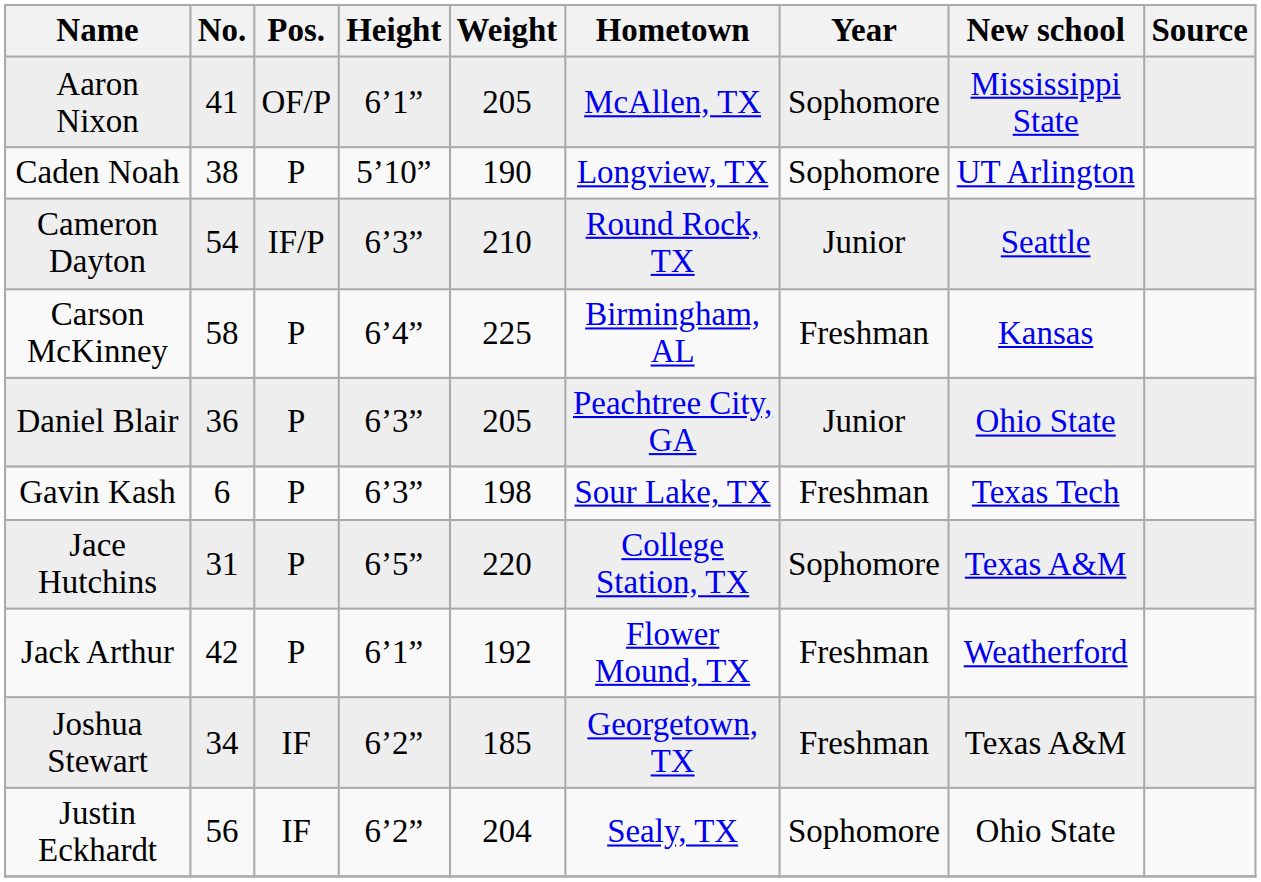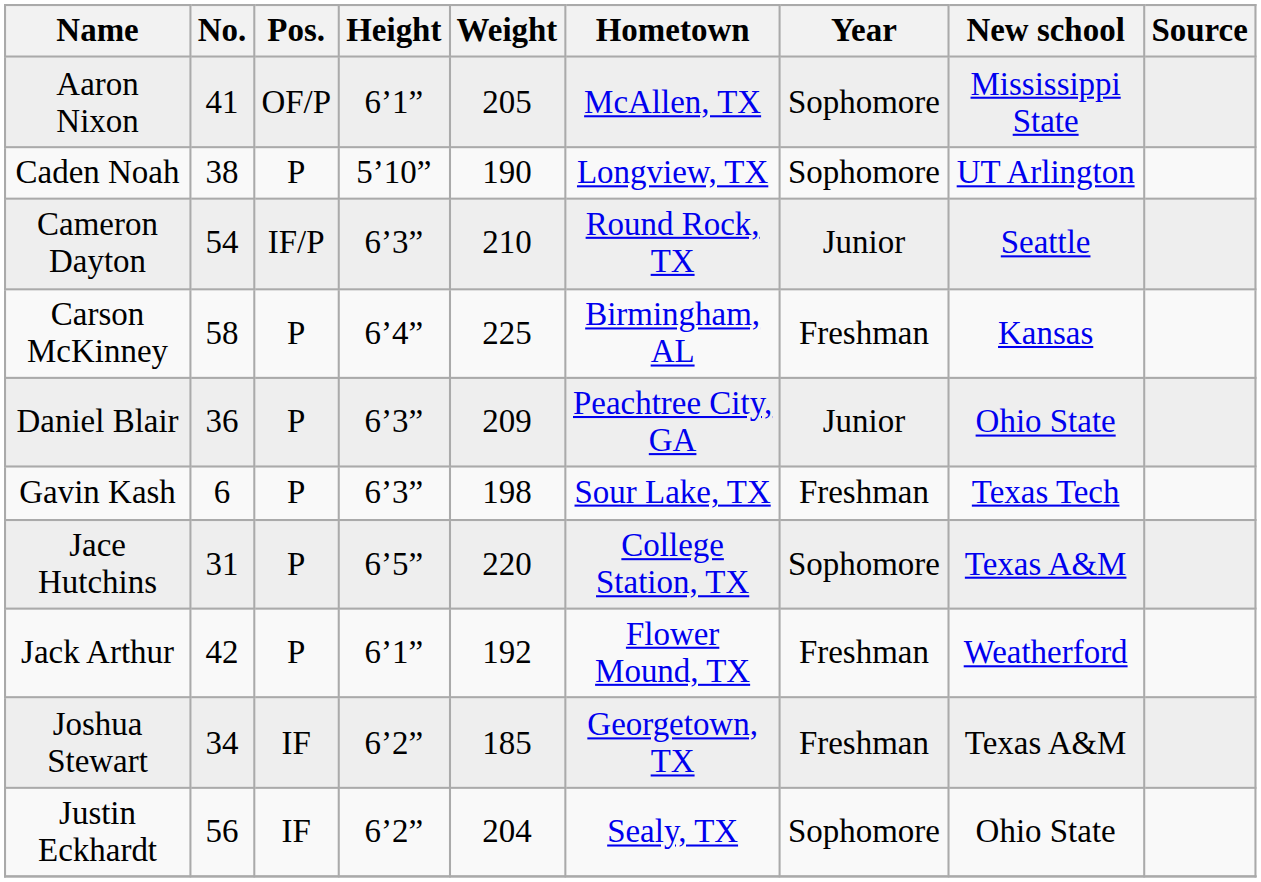 <table class="wikitable sortable">
 <tr>
 <th style="text-align:center; ">Name</th>
 <th style="text-align:center; ">No.</th>
 <th style="text-align:center; ">Pos.</th>
 <th style="text-align:center; ">Height</th>
 <th style="text-align:center; ">Weight</th>
 <th style="text-align:center; ">Hometown</th>
 <th style="text-align:center; ">Year</th>
 <th style="text-align:center; ">New school</th>
 <th style="text-align:center; ">Source</th>
 </tr>
 <tr align="center" style="background:#eeeeee;">
 <td>Aaron Nixon</td>
 <td>41</td>
 <td>OF/P</td>
 <td>6’1”</td>
 <td>205</td>
 <td><a href='#'>McAllen, TX</a></td>
 <td>Sophomore</td>
 <td><a href='#'>Mississippi State</a></td>
 <td></td>
 </tr>
 <tr align="center">
 <td>Caden Noah</td>
 <td>38</td>
 <td>P</td>
 <td>5’10”</td>
 <td>190</td>
 <td><a href='#'>Longview, TX</a></td>
 <td>Sophomore</td>
 <td><a href='#'>UT Arlington</a></td>
 <td></td>
 </tr>
 <tr align="center"style="background:#eeeeee;">
 <td>Cameron Dayton</td>
 <td>54</td>
 <td>IF/P</td>
 <td>6’3”</td>
 <td>210</td>
 <td><a href='#'>Round Rock, TX</a></td>
 <td>Junior</td>
 <td><a href='#'>Seattle</a></td>
 <td></td>
 </tr>
 <tr align="center">
 <td>Carson McKinney</td>
 <td>58</td>
 <td>P</td>
 <td>6’4”</td>
 <td>225</td>
 <td><a href='#'>Birmingham, AL</a></td>
 <td>Freshman</td>
 <td><a href='#'>Kansas</a></td>
 <td></td>
 </tr>
 <tr align="center"style="background:#eeeeee;">
 <td>Daniel Blair</td>
 <td>36</td>
 <td>P</td>
 <td>6’3”</td>
-<td>205</td>
+<td>209</td>
 <td><a href='#'>Peachtree City, GA</a></td>
 <td> Junior</td>
 <td><a href='#'>Ohio State</a></td>
 <td></td>
 </tr>
 <tr align="center">
 <td>Gavin Kash</td>
 <td>6</td>
 <td>P</td>
 <td>6’3”</td>
 <td>198</td>
 <td><a href='#'>Sour Lake, TX</a></td>
 <td>Freshman</td>
 <td><a href='#'>Texas Tech</a></td>
 <td></td>
 </tr>
 <tr align="center"style="background:#eeeeee;">
 <td>Jace Hutchins</td>
 <td>31</td>
 <td>P</td>
 <td>6’5”</td>
 <td>220</td>
 <td><a href='#'>College Station, TX</a></td>
 <td> Sophomore</td>
 <td><a href='#'>Texas A&M</a></td>
 <td></td>
 </tr>
 <tr align="center">
 <td>Jack Arthur</td>
 <td>42</td>
 <td>P</td>
 <td>6’1”</td>
 <td>192</td>
 <td><a href='#'>Flower Mound, TX</a></td>
 <td>Freshman</td>
 <td><a href='#'>Weatherford</a></td>
 <td></td>
 </tr>
 <tr align="center"style="background:#eeeeee;">
 <td>Joshua Stewart</td>
 <td>34</td>
 <td>IF</td>
 <td>6’2”</td>
 <td>185</td>
 <td><a href='#'>Georgetown, TX</a></td>
 <td>Freshman</td>
 <td>Texas A&M</td>
 <td></td>
 </tr>
 <tr align="center">
 <td>Justin Eckhardt</td>
 <td>56</td>
 <td>IF</td>
 <td>6’2”</td>
 <td>204</td>
 <td><a href='#'>Sealy, TX</a></td>
 <td> Sophomore</td>
 <td>Ohio State</td>
 <td></td>
 </tr>
 <tr>
 </tr>
 </table>
